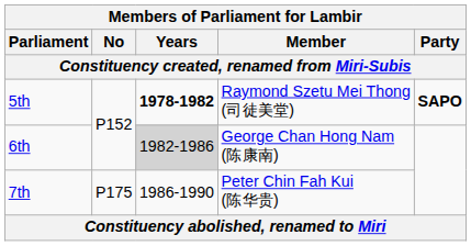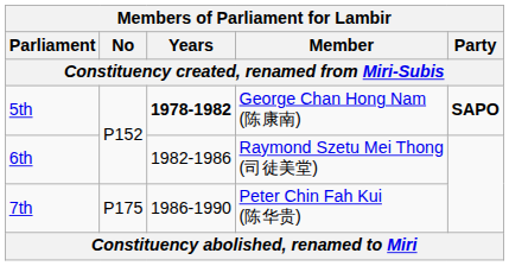 <table class=wikitable>
 <tr>
 <th colspan="5">Members of Parliament for Lambir</th>
 </tr>
 <tr>
 <th>Parliament</th>
 <th>No</th>
 <th>Years</th>
 <th>Member</th>
 <th>Party</th>
 </tr>
 <tr>
 <th colspan="5" align="center"><em>Constituency created, renamed from <a href='#'>Miri-Subis</a></em></th>
 </tr>
 <tr>
 <td><a href='#'>5th</a></td>
 <td rowspan="2">P152</td>
 <td><strong>1978-1982</strong></td>
-<td><a href='#'>Raymond Szetu Mei Thong</a> <br> (司徒美堂)</td>
+<td><a href='#'>George Chan Hong Nam</a> <br> (陈康南)</td>
 <td><strong>SAPO</strong></td>
 </tr>
 <tr>
 <td><a href='#'>6th</a></td>
-<td style="background: lightgrey;">1982-1986</td>
-<td><a href='#'>George Chan Hong Nam</a> <br> (陈康南)</td>
+<td>1982-1986</td>
+<td><a href='#'>Raymond Szetu Mei Thong</a> <br> (司徒美堂)</td>
 <td rowspan="2"></td>
 </tr>
 <tr>
 <td><a href='#'>7th</a></td>
 <td>P175</td>
 <td>1986-1990</td>
 <td><a href='#'>Peter Chin Fah Kui</a>  <br>(陈华贵)</td>
 </tr>
 <tr>
 <th colspan="5" align="center"><em>Constituency abolished, renamed to <a href='#'>Miri</a></em></th>
 </tr>
 </table>
